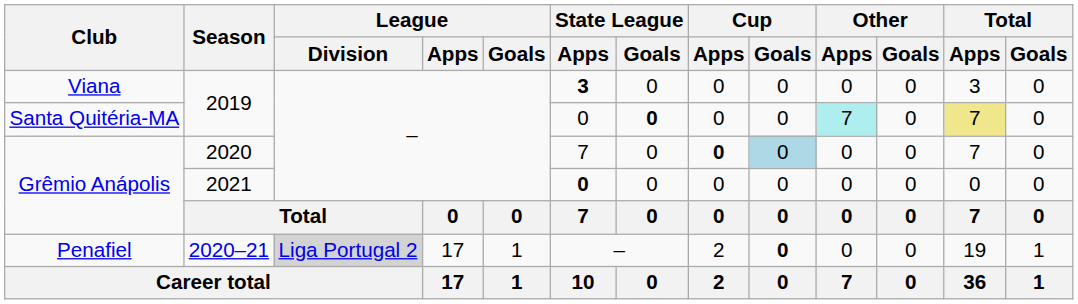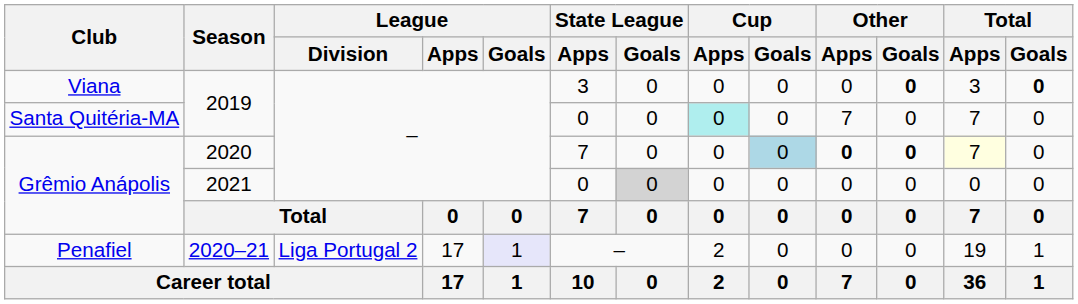 <table class="wikitable" style="text-align: center">
 <tr>
 <th rowspan="2">Club</th>
 <th rowspan="2">Season</th>
 <th colspan="3">League</th>
 <th colspan="2">State League</th>
 <th colspan="2">Cup</th>
 <th colspan="2">Other</th>
 <th colspan="2">Total</th>
 </tr>
 <tr>
 <th>Division</th>
 <th>Apps</th>
 <th>Goals</th>
 <th>Apps</th>
 <th>Goals</th>
 <th>Apps</th>
 <th>Goals</th>
 <th>Apps</th>
 <th>Goals</th>
 <th>Apps</th>
 <th>Goals</th>
 </tr>
 <tr>
 <td><a href='#'>Viana</a></td>
 <td rowspan="2">2019</td>
 <td rowspan="4" colspan="3">–</td>
-<td><strong>3</strong></td>
+<td>3</td>
 <td>0</td>
 <td>0</td>
 <td>0</td>
 <td>0</td>
-<td>0</td>
+<td><strong>0</strong></td>
 <td>3</td>
-<td>0</td>
+<td><strong>0</strong></td>
 </tr>
 <tr>
 <td><a href='#'>Santa Quitéria-MA</a></td>
 <td>0</td>
-<td><strong>0</strong></td>
 <td>0</td>
+<td style="background: paleturquoise;">0</td>
 <td>0</td>
-<td style="background: paleturquoise;">7</td>
+<td>7</td>
 <td>0</td>
-<td style="background: khaki;">7</td>
+<td>7</td>
 <td>0</td>
 </tr>
 <tr>
 <td rowspan="3"><a href='#'>Grêmio Anápolis</a></td>
 <td>2020</td>
 <td>7</td>
 <td>0</td>
+<td>0</td>
+<td style="background: lightblue;">0</td>
 <td><strong>0</strong></td>
-<td style="background: lightblue;">0</td>
-<td>0</td>
-<td>0</td>
-<td>7</td>
+<td><strong>0</strong></td>
+<td style="background: lightyellow;">7</td>
 <td>0</td>
 </tr>
 <tr>
 <td>2021</td>
-<td><strong>0</strong></td>
 <td>0</td>
+<td style="background: lightgrey;">0</td>
 <td>0</td>
 <td>0</td>
 <td>0</td>
 <td>0</td>
 <td>0</td>
 <td>0</td>
 </tr>
 <tr>
 <th colspan="2"><strong>Total</strong></th>
 <th>0</th>
 <th>0</th>
 <th>7</th>
 <th>0</th>
 <th>0</th>
 <th>0</th>
 <th>0</th>
 <th>0</th>
 <th>7</th>
 <th>0</th>
 </tr>
 <tr>
 <td><a href='#'>Penafiel</a></td>
 <td><a href='#'>2020–21</a></td>
-<td style="background: lightgrey;"><a href='#'>Liga Portugal 2</a></td>
+<td><a href='#'>Liga Portugal 2</a></td>
 <td>17</td>
-<td>1</td>
+<td style="background: lavender;">1</td>
 <td colspan="2">–</td>
 <td>2</td>
-<td><strong>0</strong></td>
+<td>0</td>
 <td>0</td>
 <td>0</td>
 <td>19</td>
 <td>1</td>
 </tr>
 <tr>
 <th colspan="3"><strong>Career total</strong></th>
 <th>17</th>
 <th>1</th>
 <th>10</th>
 <th>0</th>
 <th>2</th>
 <th>0</th>
 <th>7</th>
 <th>0</th>
 <th>36</th>
 <th>1</th>
 </tr>
 </table>
